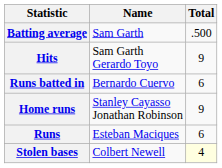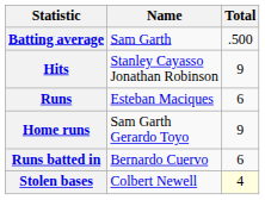 <table class="wikitable plainrowheaders">
 <tr>
 <th scope="col">Statistic</th>
 <th scope="col">Name</th>
 <th scope="col">Total</th>
 </tr>
 <tr>
 <th scope="row"><a href='#'>Batting average</a></th>
 <td> <a href='#'>Sam Garth</a></td>
 <td align=center>.500</td>
 </tr>
 <tr>
 <th scope="row"><a href='#'>Hits</a></th>
+<td> <a href='#'>Stanley Cayasso</a><br> Jonathan Robinson</td>
+<td align=center>9</td>
+</tr>
+<tr>
+<th scope="row"><a href='#'>Runs</a></th>
+<td> <a href='#'>Esteban Maciques</a></td>
+<td align=center>6</td>
+</tr>
+<tr>
+<th scope="row"><a href='#'>Home runs</a></th>
 <td> Sam Garth<br> <a href='#'>Gerardo Toyo</a></td>
 <td align=center>9</td>
 </tr>
 <tr>
 <th scope="row"><a href='#'>Runs batted in</a></th>
 <td> <a href='#'>Bernardo Cuervo</a></td>
 <td align=center>6</td>
 </tr>
 <tr>
-<th scope="row"><a href='#'>Home runs</a></th>
-<td> <a href='#'>Stanley Cayasso</a><br> Jonathan Robinson</td>
-<td align=center>9</td>
-</tr>
-<tr>
-<th scope="row"><a href='#'>Runs</a></th>
-<td> <a href='#'>Esteban Maciques</a></td>
-<td align=center>6</td>
-</tr>
-<tr>
 <th scope="row"><a href='#'>Stolen bases</a></th>
 <td> <a href='#'>Colbert Newell</a></td>
 <td align=center style="background: lightyellow;">4</td>
 </tr>
 </table>
